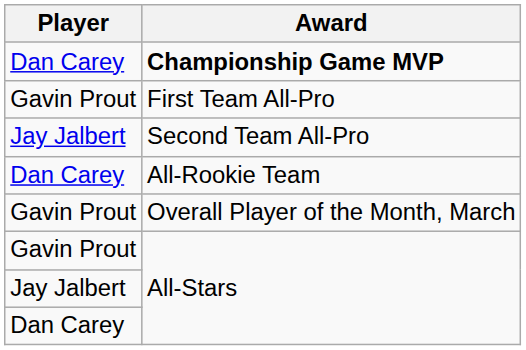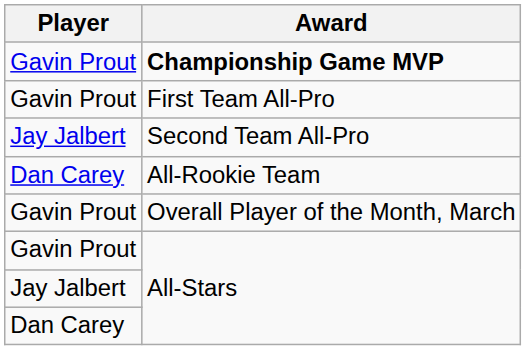 <table class="wikitable">
 <tr>
 <th>Player</th>
 <th>Award</th>
 </tr>
 <tr>
-<td><a href='#'>Dan Carey</a></td>
+<td><a href='#'>Gavin Prout</a></td>
 <td><strong>Championship Game MVP</strong></td>
 </tr>
 <tr>
 <td>Gavin Prout</td>
 <td>First Team All-Pro</td>
 </tr>
 <tr>
 <td><a href='#'>Jay Jalbert</a></td>
 <td>Second Team All-Pro</td>
 </tr>
 <tr>
 <td><a href='#'>Dan Carey</a></td>
 <td>All-Rookie Team</td>
 </tr>
 <tr>
 <td>Gavin Prout</td>
 <td>Overall Player of the Month, March</td>
 </tr>
 <tr>
 <td>Gavin Prout</td>
 <td rowspan=3>All-Stars</td>
 </tr>
 <tr>
 <td>Jay Jalbert</td>
 </tr>
 <tr>
 <td>Dan Carey</td>
 </tr>
 </table>
